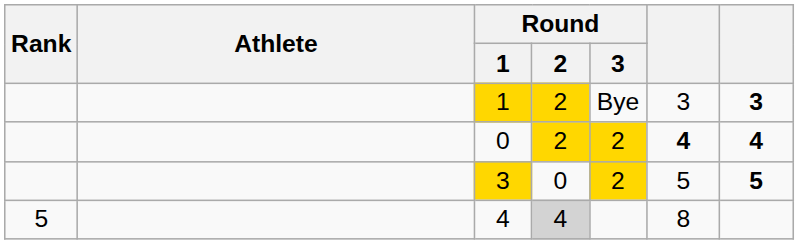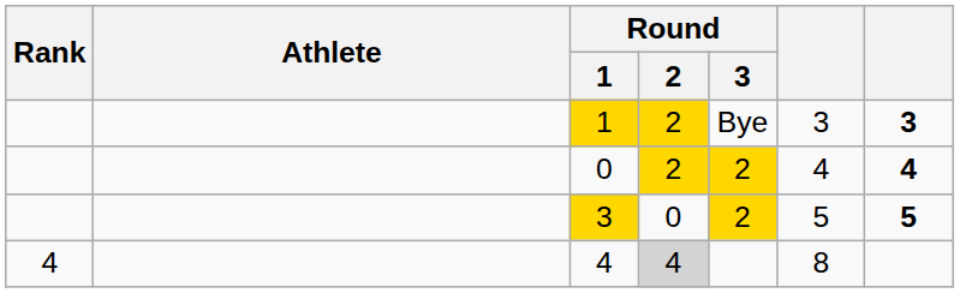 <table class="wikitable" style="text-align: center;">
 <tr>
 <th rowspan="2" width=40>Rank</th>
 <th rowspan="2" width=250>Athlete</th>
 <th colspan="3">Round</th>
 <th rowspan="2" width=40></th>
 <th rowspan="2" width=40></th>
 </tr>
 <tr>
 <th width=30>1</th>
 <th width=30>2</th>
 <th width=30>3</th>
 </tr>
 <tr>
 <td></td>
 <td align="left"></td>
 <td bgcolor=gold>1</td>
 <td bgcolor=gold>2</td>
 <td>Bye</td>
 <td>3</td>
 <td><strong>3</strong></td>
 </tr>
 <tr>
 <td></td>
 <td align="left"></td>
 <td>0</td>
 <td bgcolor=gold>2</td>
 <td bgcolor=gold>2</td>
-<td><strong>4</strong></td>
+<td>4</td>
 <td><strong>4</strong></td>
 </tr>
 <tr>
 <td></td>
 <td align="left"></td>
 <td bgcolor=gold>3</td>
 <td>0</td>
 <td bgcolor=gold>2</td>
 <td>5</td>
 <td><strong>5</strong></td>
 </tr>
 <tr>
-<td>5</td>
+<td>4</td>
 <td align="left"></td>
 <td>4</td>
 <td style="background: lightgrey;">4</td>
 <td></td>
 <td>8</td>
 <td></td>
 </tr>
 </table>
